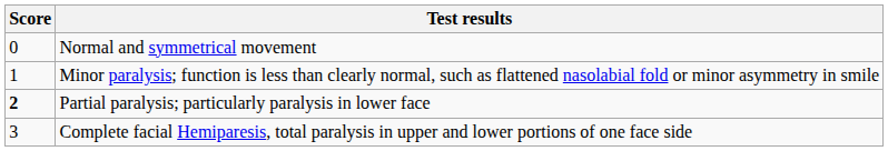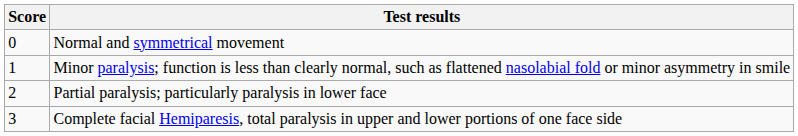 <table class="wikitable">
 <tr>
 <th>Score</th>
 <th>Test results</th>
 </tr>
 <tr>
 <td>0</td>
 <td>Normal and <a href='#'>symmetrical</a> movement</td>
 </tr>
 <tr>
 <td>1</td>
 <td>Minor <a href='#'>paralysis</a>; function is less than clearly normal, such as flattened <a href='#'>nasolabial fold</a> or minor asymmetry in smile</td>
 </tr>
 <tr>
-<td><strong>2</strong></td>
+<td>2</td>
 <td>Partial paralysis; particularly paralysis in lower face</td>
 </tr>
 <tr>
 <td>3</td>
 <td>Complete facial <a href='#'>Hemiparesis</a>, total paralysis in upper and lower portions of one face side</td>
 </tr>
 </table>
